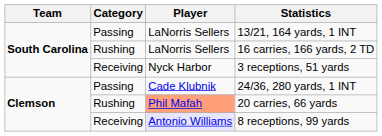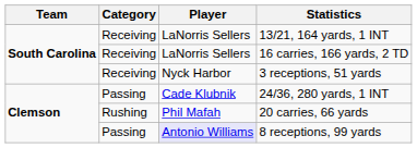 <table class="wikitable" style="float: right;">
 <tr>
 <th>Team</th>
 <th>Category</th>
 <th>Player</th>
 <th>Statistics</th>
 </tr>
 <tr>
 <td rowspan=3><strong>South Carolina</strong></td>
-<td>Passing</td>
+<td>Receiving</td>
 <td>LaNorris Sellers</td>
 <td>13/21, 164 yards, 1 INT</td>
 </tr>
 <tr>
-<td>Rushing</td>
+<td>Receiving</td>
 <td>LaNorris Sellers</td>
 <td>16 carries, 166 yards, 2 TD</td>
 </tr>
 <tr>
 <td>Receiving</td>
 <td>Nyck Harbor</td>
 <td>3 receptions, 51 yards</td>
 </tr>
 <tr>
 <td rowspan=3><strong>Clemson</strong></td>
 <td>Passing</td>
 <td><a href='#'>Cade Klubnik</a></td>
 <td>24/36, 280 yards, 1 INT</td>
 </tr>
 <tr>
 <td>Rushing</td>
-<td style="background: lightsalmon;"><a href='#'>Phil Mafah</a></td>
+<td><a href='#'>Phil Mafah</a></td>
 <td>20 carries, 66 yards</td>
 </tr>
 <tr>
-<td>Receiving</td>
+<td>Passing</td>
 <td style="background: lavender;"><a href='#'>Antonio Williams</a></td>
 <td>8 receptions, 99 yards</td>
 </tr>
 </table>
